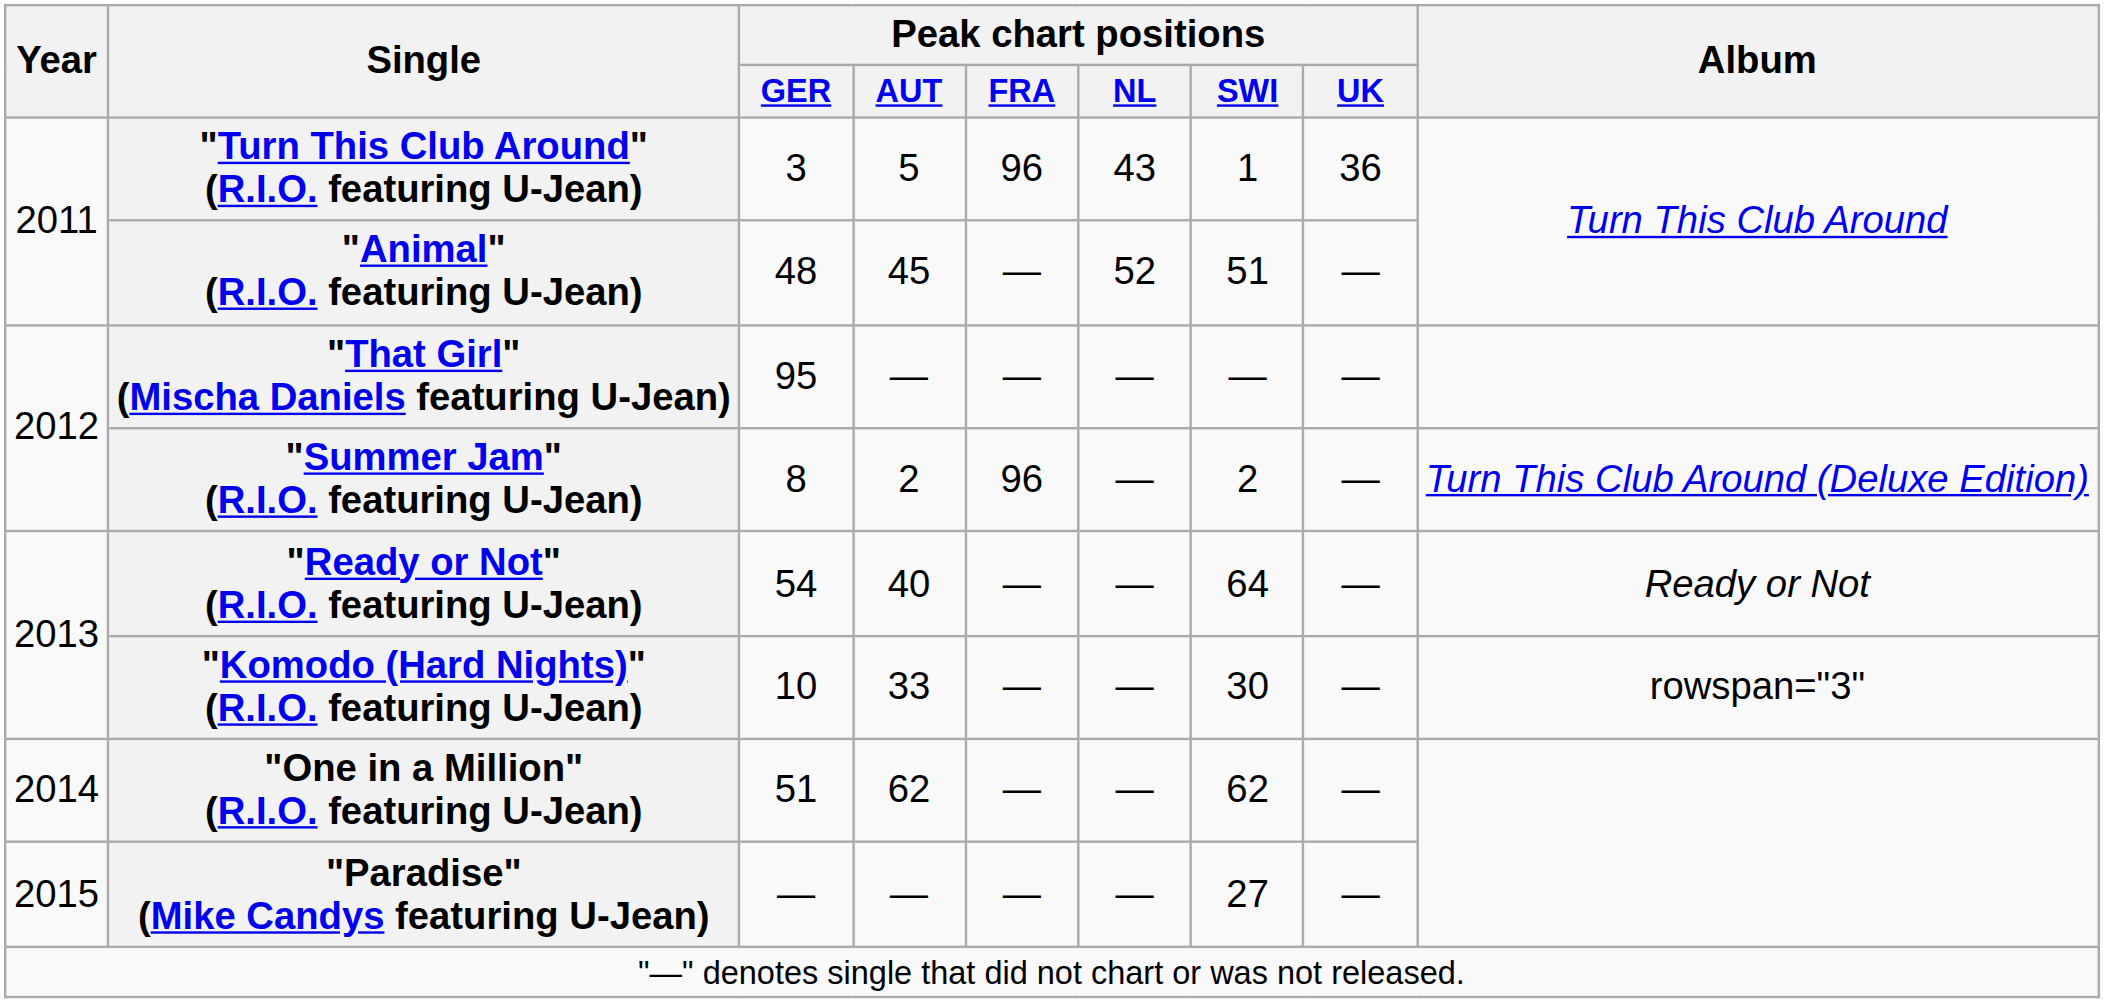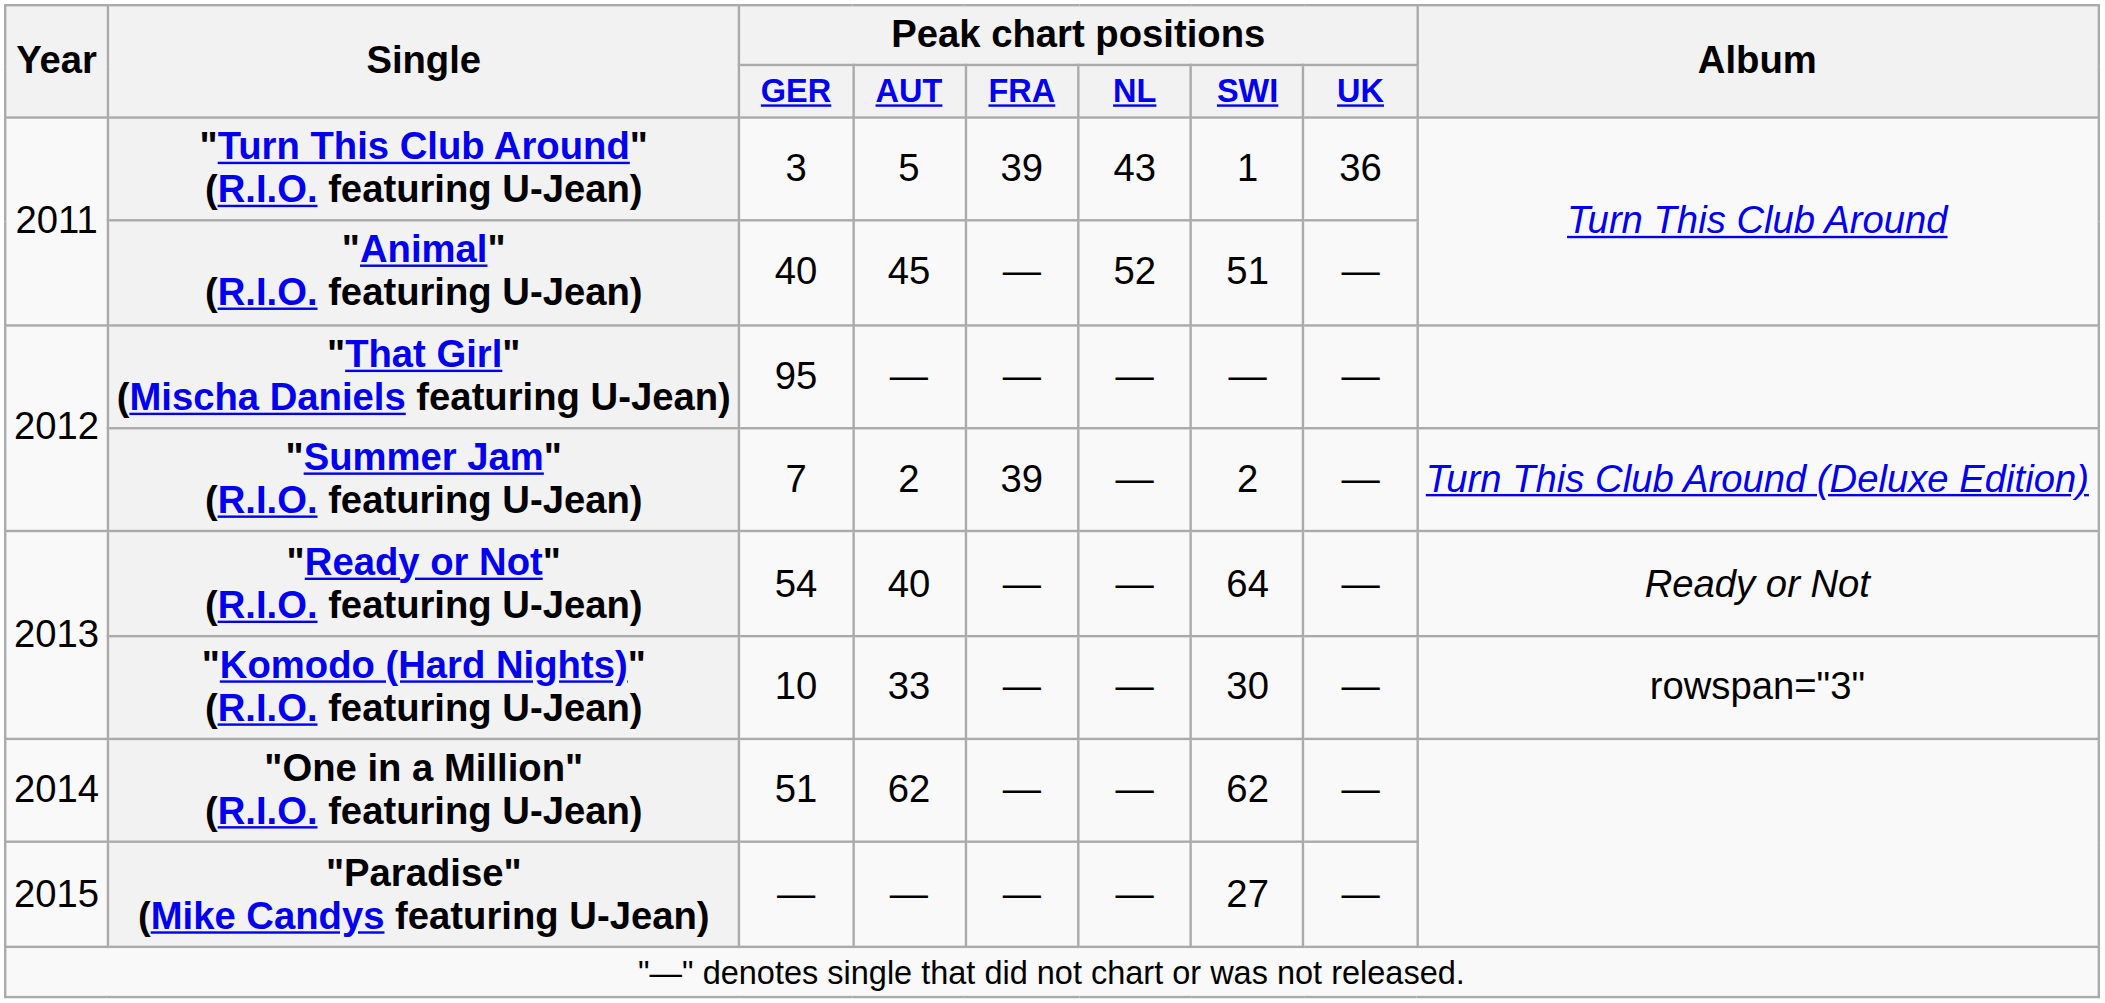 <table class="wikitable plainrowheaders" style="text-align:center;">
 <tr>
 <th scope="col" rowspan="2">Year</th>
 <th scope="col" rowspan="2">Single</th>
 <th scope="col" colspan="6">Peak chart positions</th>
 <th scope="col" rowspan="2">Album</th>
 </tr>
 <tr>
 <th scope="col" style="width:3em;font-size:85%;"><a href='#'>GER</a><br></th>
 <th scope="col" style="width:3em;font-size:85%;"><a href='#'>AUT</a><br></th>
 <th scope="col" style="width:3em;font-size:85%;"><a href='#'>FRA</a><br></th>
 <th scope="col" style="width:3em;font-size:85%;"><a href='#'>NL</a><br></th>
 <th scope="col" style="width:3em;font-size:85%;"><a href='#'>SWI</a><br></th>
 <th scope="col" style="width:3em;font-size:85%;"><a href='#'>UK</a><br></th>
 </tr>
 <tr>
 <td rowspan="2">2011</td>
 <th scope="row">"<a href='#'>Turn This Club Around</a>"<br><span>(<a href='#'>R.I.O.</a> featuring U-Jean)</span></th>
 <td>3</td>
 <td>5</td>
-<td>96</td>
+<td>39</td>
 <td>43</td>
 <td>1</td>
 <td>36</td>
 <td rowspan="2"><em><a href='#'>Turn This Club Around</a></em></td>
 </tr>
 <tr>
 <th scope="row">"<a href='#'>Animal</a>"<br><span>(<a href='#'>R.I.O.</a> featuring U-Jean)</span></th>
-<td>48</td>
+<td>40</td>
 <td>45</td>
 <td>—</td>
 <td>52</td>
 <td>51</td>
 <td>—</td>
 </tr>
 <tr>
 <td rowspan="2">2012</td>
 <th scope="row">"<a href='#'>That Girl</a>"<br><span>(<a href='#'>Mischa Daniels</a> featuring U-Jean)</span></th>
 <td>95</td>
 <td>—</td>
 <td>—</td>
 <td>—</td>
 <td>—</td>
 <td>—</td>
 <td></td>
 </tr>
 <tr>
 <th scope="row">"<a href='#'>Summer Jam</a>"<br><span>(<a href='#'>R.I.O.</a> featuring U-Jean)</span></th>
-<td>8</td>
+<td>7</td>
 <td>2</td>
-<td>96</td>
+<td>39</td>
 <td>—</td>
 <td>2</td>
 <td>—</td>
 <td><em><a href='#'>Turn This Club Around (Deluxe Edition)</a></em></td>
 </tr>
 <tr>
 <td rowspan="2">2013</td>
 <th scope="row">"<a href='#'>Ready or Not</a>"<br><span>(<a href='#'>R.I.O.</a> featuring U-Jean)</span></th>
 <td>54</td>
 <td>40</td>
 <td>—</td>
 <td>—</td>
 <td>64</td>
 <td>—</td>
 <td><em>Ready or Not</em></td>
 </tr>
 <tr>
 <th scope="row">"<a href='#'>Komodo (Hard Nights)</a>"<br><span>(<a href='#'>R.I.O.</a> featuring U-Jean)</span></th>
 <td>10</td>
 <td>33</td>
 <td>—</td>
 <td>—</td>
 <td>30</td>
 <td>—</td>
 <td>rowspan="3" </td>
 </tr>
 <tr>
 <td>2014</td>
 <th scope="row">"One in a Million"<br><span>(<a href='#'>R.I.O.</a> featuring U-Jean)</span></th>
 <td>51</td>
 <td>62</td>
 <td>—</td>
 <td>—</td>
 <td>62</td>
 <td>—</td>
 </tr>
 <tr>
 <td>2015</td>
 <th scope="row">"Paradise"<br><span>(<a href='#'>Mike Candys</a> featuring U-Jean)</span></th>
 <td>—</td>
 <td>—</td>
 <td>—</td>
 <td>—</td>
 <td>27</td>
 <td>—</td>
 </tr>
 <tr>
 <td colspan="18" style="font-size:85%">"—" denotes single that did not chart or was not released.</td>
 </tr>
 </table>
